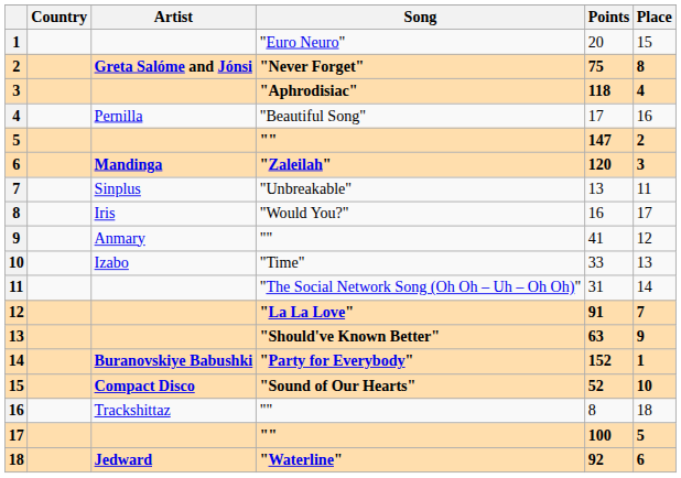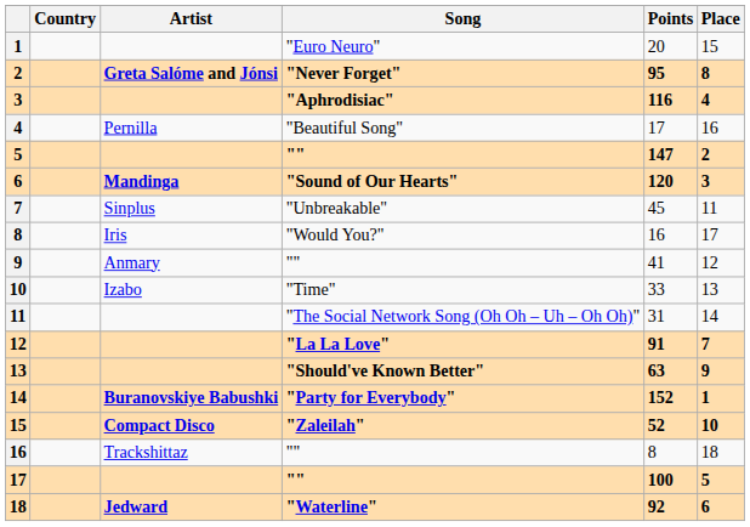 <table class="sortable wikitable plainrowheaders">
 <tr>
 </tr>
 <tr>
 <th scope="col"></th>
 <th scope="col">Country</th>
 <th scope="col">Artist</th>
 <th scope="col">Song</th>
 <th scope="col">Points</th>
 <th scope="col">Place</th>
 </tr>
 <tr>
 <th scope="row" style="text-align:center;">1</th>
 <td></td>
 <td></td>
 <td>"<a href='#'>Euro Neuro</a>"</td>
 <td>20</td>
 <td>15</td>
 </tr>
 <tr style="font-weight:bold; background:navajowhite;">
 <th scope="row" style="text-align:center; font-weight:bold; background:navajowhite;">2</th>
 <td></td>
 <td><a href='#'>Greta Salóme</a> and <a href='#'>Jónsi</a></td>
 <td>"Never Forget"</td>
-<td>75</td>
+<td>95</td>
 <td>8</td>
 </tr>
 <tr style="font-weight:bold; background:navajowhite;">
 <th scope="row" style="text-align:center; font-weight:bold; background:navajowhite;">3</th>
 <td></td>
 <td></td>
 <td>"Aphrodisiac"</td>
-<td>118</td>
+<td>116</td>
 <td>4</td>
 </tr>
 <tr>
 <th scope="row" style="text-align:center;">4</th>
 <td></td>
 <td><a href='#'>Pernilla</a></td>
 <td>"Beautiful Song"</td>
 <td>17</td>
 <td>16</td>
 </tr>
 <tr style="font-weight:bold; background:navajowhite;">
 <th scope="row" style="text-align:center; font-weight:bold; background:navajowhite;">5</th>
 <td></td>
 <td></td>
 <td>""</td>
 <td>147</td>
 <td>2</td>
 </tr>
 <tr style="font-weight:bold; background:navajowhite;">
 <th scope="row" style="text-align:center; font-weight:bold; background:navajowhite;">6</th>
 <td></td>
 <td><a href='#'>Mandinga</a></td>
-<td>"<a href='#'>Zaleilah</a>"</td>
+<td>"Sound of Our Hearts"</td>
 <td>120</td>
 <td>3</td>
 </tr>
 <tr>
 <th scope="row" style="text-align:center;">7</th>
 <td></td>
 <td><a href='#'>Sinplus</a></td>
 <td>"Unbreakable"</td>
-<td>13</td>
+<td>45</td>
 <td>11</td>
 </tr>
 <tr>
 <th scope="row" style="text-align:center;">8</th>
 <td></td>
 <td><a href='#'>Iris</a></td>
 <td>"Would You?"</td>
 <td>16</td>
 <td>17</td>
 </tr>
 <tr>
 <th scope="row" style="text-align:center;">9</th>
 <td></td>
 <td><a href='#'>Anmary</a></td>
 <td>""</td>
 <td>41</td>
 <td>12</td>
 </tr>
 <tr>
 <th scope="row" style="text-align:center;">10</th>
 <td></td>
 <td><a href='#'>Izabo</a></td>
 <td>"Time"</td>
 <td>33</td>
 <td>13</td>
 </tr>
 <tr>
 <th scope="row" style="text-align:center;">11</th>
 <td></td>
 <td></td>
 <td>"<a href='#'>The Social Network Song (Oh Oh – Uh – Oh Oh)</a>"</td>
 <td>31</td>
 <td>14</td>
 </tr>
 <tr style="font-weight:bold; background:navajowhite;">
 <th scope="row" style="text-align:center; font-weight:bold; background:navajowhite;">12</th>
 <td></td>
 <td></td>
 <td>"<a href='#'>La La Love</a>"</td>
 <td>91</td>
 <td>7</td>
 </tr>
 <tr style="font-weight:bold; background:navajowhite;">
 <th scope="row" style="text-align:center; font-weight:bold; background:navajowhite;">13</th>
 <td></td>
 <td></td>
 <td>"Should've Known Better"</td>
 <td>63</td>
 <td>9</td>
 </tr>
 <tr style="font-weight:bold; background:navajowhite;">
 <th scope="row" style="text-align:center; font-weight:bold; background:navajowhite;">14</th>
 <td></td>
 <td><a href='#'>Buranovskiye Babushki</a></td>
 <td>"<a href='#'>Party for Everybody</a>"</td>
 <td>152</td>
 <td>1</td>
 </tr>
 <tr style="font-weight:bold; background:navajowhite;">
 <th scope="row" style="text-align:center; font-weight:bold; background:navajowhite;">15</th>
 <td></td>
 <td><a href='#'>Compact Disco</a></td>
-<td>"Sound of Our Hearts"</td>
+<td>"<a href='#'>Zaleilah</a>"</td>
 <td>52</td>
 <td>10</td>
 </tr>
 <tr>
 <th scope="row" style="text-align:center;">16</th>
 <td></td>
 <td><a href='#'>Trackshittaz</a></td>
 <td>""</td>
 <td>8</td>
 <td>18</td>
 </tr>
 <tr style="font-weight:bold; background:navajowhite;">
 <th scope="row" style="text-align:center; font-weight:bold; background:navajowhite;">17</th>
 <td></td>
 <td></td>
 <td>""</td>
 <td>100</td>
 <td>5</td>
 </tr>
 <tr style="font-weight:bold; background:navajowhite;">
 <th scope="row" style="text-align:center; font-weight:bold; background:navajowhite;">18</th>
 <td></td>
 <td><a href='#'>Jedward</a></td>
 <td>"<a href='#'>Waterline</a>"</td>
 <td>92</td>
 <td>6</td>
 </tr>
 </table>
